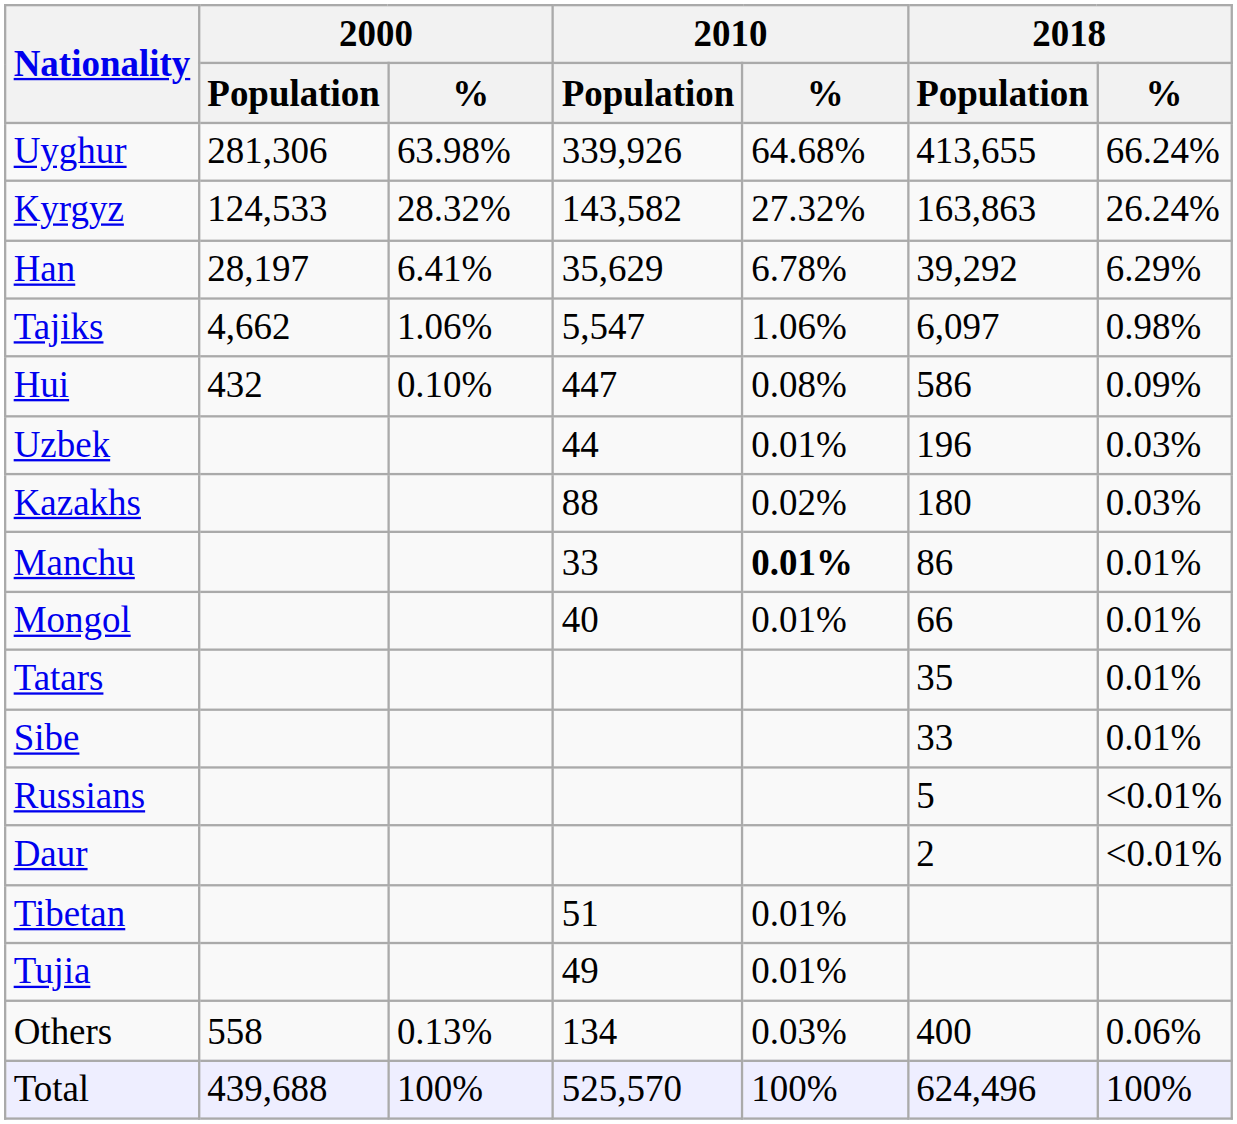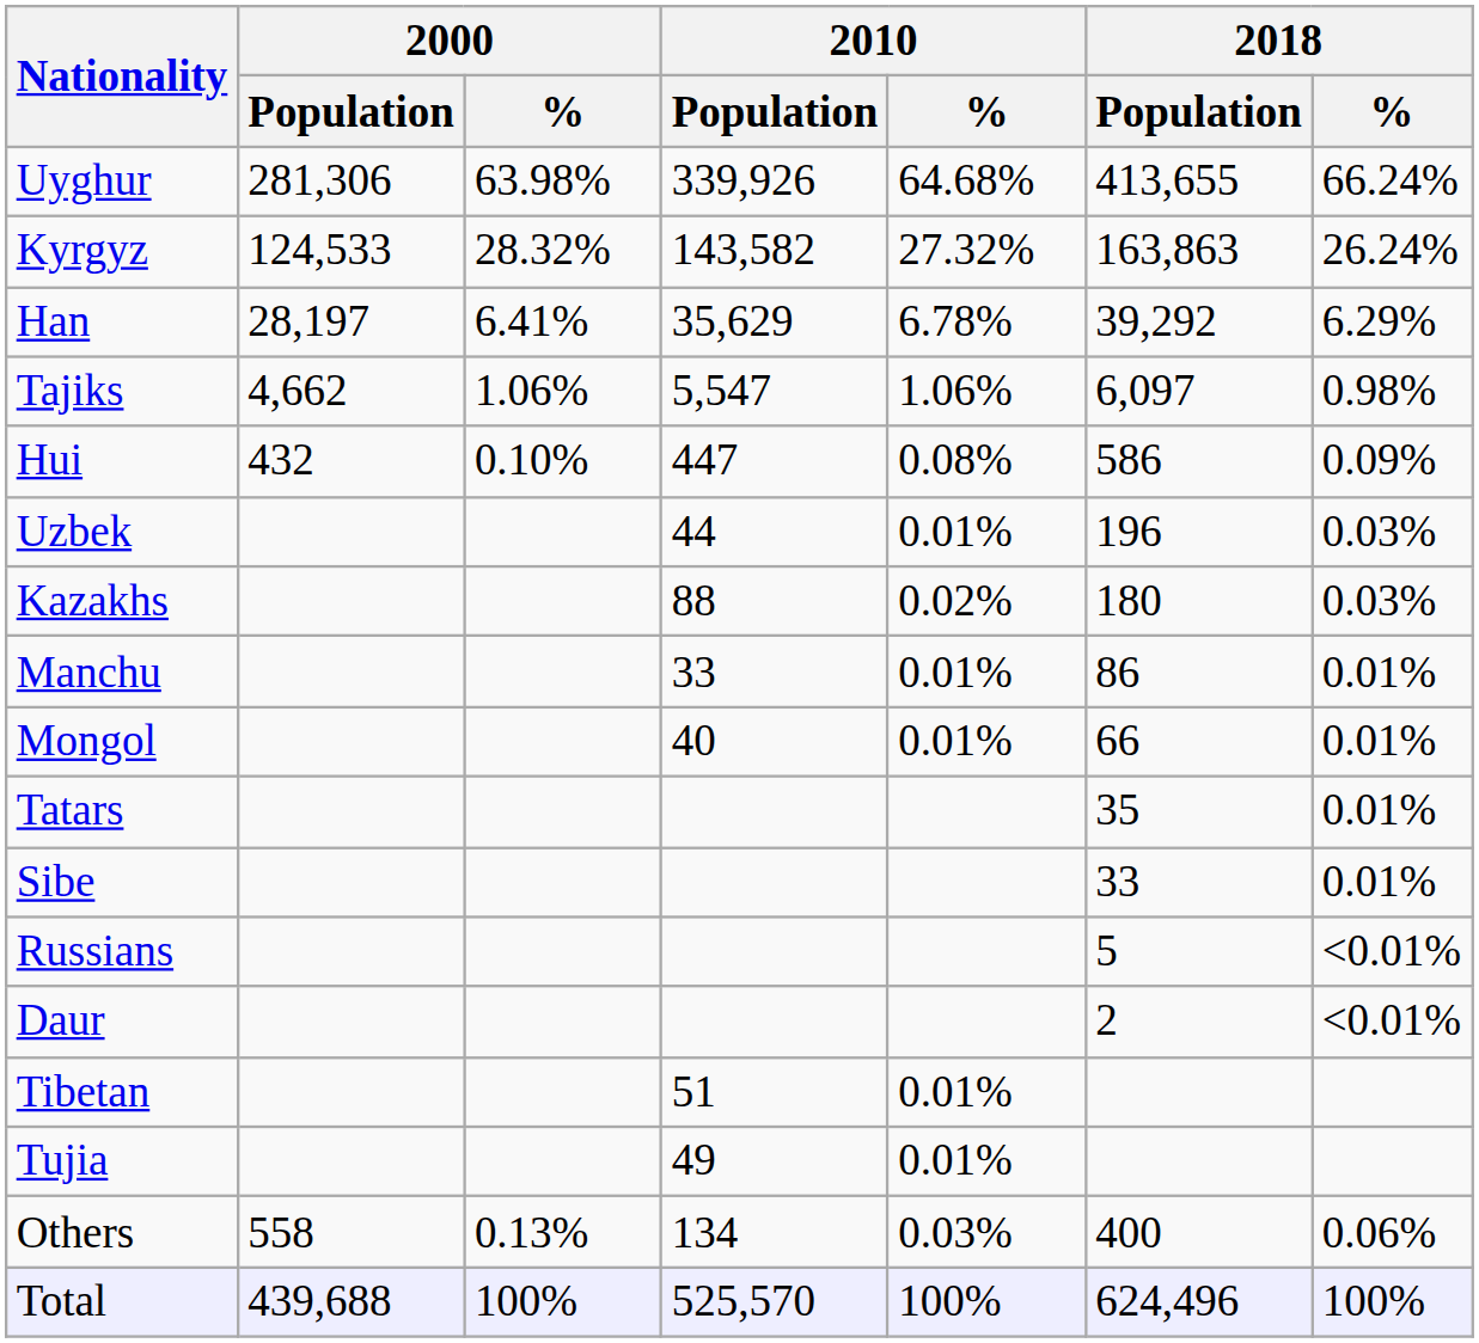 <table class="wikitable">
 <tr style="background:#eee;">
 <th rowspan="2"><a href='#'>Nationality</a></th>
 <th colspan="2">2000</th>
 <th colspan="2">2010</th>
 <th colspan="2">2018</th>
 </tr>
 <tr style="background:#eee;">
 <th>Population</th>
 <th style="width:4em;">%</th>
 <th>Population</th>
 <th style="width:4em;">%</th>
 <th>Population</th>
 <th>%</th>
 </tr>
 <tr>
 <td><a href='#'>Uyghur</a></td>
 <td>281,306</td>
 <td>63.98%</td>
 <td>339,926</td>
 <td>64.68%</td>
 <td>413,655</td>
 <td>66.24%</td>
 </tr>
 <tr>
 <td><a href='#'>Kyrgyz</a></td>
 <td>124,533</td>
 <td>28.32%</td>
 <td>143,582</td>
 <td>27.32%</td>
 <td>163,863</td>
 <td>26.24%</td>
 </tr>
 <tr>
 <td><a href='#'>Han</a></td>
 <td>28,197</td>
 <td>6.41%</td>
 <td>35,629</td>
 <td>6.78%</td>
 <td>39,292</td>
 <td>6.29%</td>
 </tr>
 <tr>
 <td><a href='#'>Tajiks</a></td>
 <td>4,662</td>
 <td>1.06%</td>
 <td>5,547</td>
 <td>1.06%</td>
 <td>6,097</td>
 <td>0.98%</td>
 </tr>
 <tr>
 <td><a href='#'>Hui</a></td>
 <td>432</td>
 <td>0.10%</td>
 <td>447</td>
 <td>0.08%</td>
 <td>586</td>
 <td>0.09%</td>
 </tr>
 <tr>
 <td><a href='#'>Uzbek</a></td>
 <td></td>
 <td></td>
 <td>44</td>
 <td>0.01%</td>
 <td>196</td>
 <td>0.03%</td>
 </tr>
 <tr>
 <td><a href='#'>Kazakhs</a></td>
 <td></td>
 <td></td>
 <td>88</td>
 <td>0.02%</td>
 <td>180</td>
 <td>0.03%</td>
 </tr>
 <tr>
 <td><a href='#'>Manchu</a></td>
 <td></td>
 <td></td>
 <td>33</td>
-<td><strong>0.01%</strong></td>
+<td>0.01%</td>
 <td>86</td>
 <td>0.01%</td>
 </tr>
 <tr>
 <td><a href='#'>Mongol</a></td>
 <td></td>
 <td></td>
 <td>40</td>
 <td>0.01%</td>
 <td>66</td>
 <td>0.01%</td>
 </tr>
 <tr>
 <td><a href='#'>Tatars</a></td>
 <td></td>
 <td></td>
 <td></td>
 <td></td>
 <td>35</td>
 <td>0.01%</td>
 </tr>
 <tr>
 <td><a href='#'>Sibe</a></td>
 <td></td>
 <td></td>
 <td></td>
 <td></td>
 <td>33</td>
 <td>0.01%</td>
 </tr>
 <tr>
 <td><a href='#'>Russians</a></td>
 <td></td>
 <td></td>
 <td></td>
 <td></td>
 <td>5</td>
 <td><0.01%</td>
 </tr>
 <tr>
 <td><a href='#'>Daur</a></td>
 <td></td>
 <td></td>
 <td></td>
 <td></td>
 <td>2</td>
 <td><0.01%</td>
 </tr>
 <tr>
 <td><a href='#'>Tibetan</a></td>
 <td></td>
 <td></td>
 <td>51</td>
 <td>0.01%</td>
 <td></td>
 <td></td>
 </tr>
 <tr>
 <td><a href='#'>Tujia</a></td>
 <td></td>
 <td></td>
 <td>49</td>
 <td>0.01%</td>
 <td></td>
 <td></td>
 </tr>
 <tr>
 <td>Others</td>
 <td>558</td>
 <td>0.13%</td>
 <td>134</td>
 <td>0.03%</td>
 <td>400</td>
 <td>0.06%</td>
 </tr>
 <tr style="background:#EEF">
 <td>Total</td>
 <td>439,688</td>
 <td>100%</td>
 <td>525,570</td>
 <td>100%</td>
 <td>624,496</td>
 <td>100%</td>
 </tr>
 </table>
